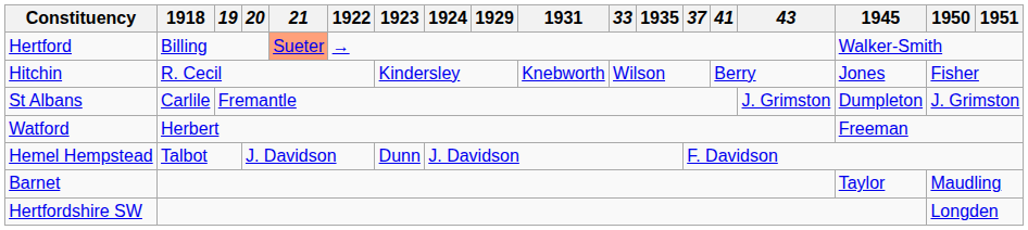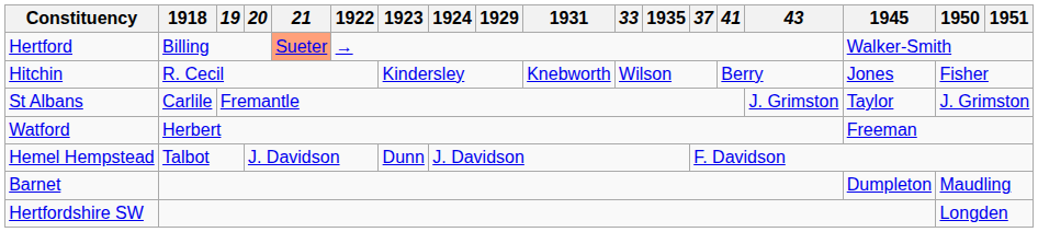 <table class="wikitable">
 <tr>
 <th>Constituency</th>
 <th>1918</th>
 <th><em>19</em></th>
 <th><em>20</em></th>
 <th><em>21</em></th>
 <th>1922</th>
 <th>1923</th>
 <th>1924</th>
 <th>1929</th>
 <th>1931</th>
 <th><em>33</em></th>
 <th>1935</th>
 <th><em>37</em></th>
 <th><em>41</em></th>
 <th><em>43</em></th>
 <th>1945</th>
 <th>1950</th>
 <th>1951</th>
 </tr>
 <tr>
 <td><a href='#'>Hertford</a></td>
 <td colspan="3"><a href='#'>Billing</a></td>
 <td style="background: lightsalmon;"><a href='#'>Sueter</a></td>
 <td colspan="10"><a href='#'>→</a></td>
 <td colspan="3"><a href='#'>Walker-Smith</a></td>
 </tr>
 <tr>
 <td><a href='#'>Hitchin</a></td>
 <td colspan="5"><a href='#'>R. Cecil</a></td>
 <td colspan="3"><a href='#'>Kindersley</a></td>
 <td><a href='#'>Knebworth</a></td>
 <td colspan="3"><a href='#'>Wilson</a></td>
 <td colspan="2"><a href='#'>Berry</a></td>
 <td><a href='#'>Jones</a></td>
 <td colspan="2"><a href='#'>Fisher</a></td>
 </tr>
 <tr>
 <td><a href='#'>St Albans</a></td>
 <td><a href='#'>Carlile</a></td>
 <td colspan="12"><a href='#'>Fremantle</a></td>
 <td><a href='#'>J. Grimston</a></td>
-<td><a href='#'>Dumpleton</a></td>
+<td><a href='#'>Taylor</a></td>
 <td colspan="2"><a href='#'>J. Grimston</a></td>
 </tr>
 <tr>
 <td><a href='#'>Watford</a></td>
 <td colspan="14"><a href='#'>Herbert</a></td>
 <td colspan="3"><a href='#'>Freeman</a></td>
 </tr>
 <tr>
 <td><a href='#'>Hemel Hempstead</a></td>
 <td colspan="2"><a href='#'>Talbot</a></td>
 <td colspan="3"><a href='#'>J. Davidson</a></td>
 <td><a href='#'>Dunn</a></td>
 <td colspan="5"><a href='#'>J. Davidson</a></td>
 <td colspan="6"><a href='#'>F. Davidson</a></td>
 </tr>
 <tr>
 <td><a href='#'>Barnet</a></td>
 <td colspan="14"></td>
-<td><a href='#'>Taylor</a></td>
+<td><a href='#'>Dumpleton</a></td>
 <td colspan="2"><a href='#'>Maudling</a></td>
 </tr>
 <tr>
 <td><a href='#'>Hertfordshire SW</a></td>
 <td colspan="15"></td>
 <td colspan="2"><a href='#'>Longden</a></td>
 </tr>
 </table>
